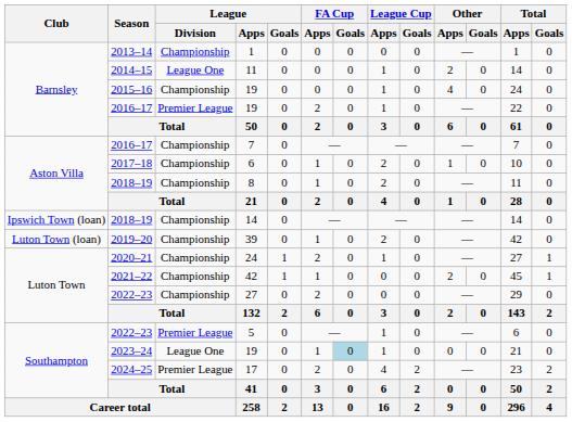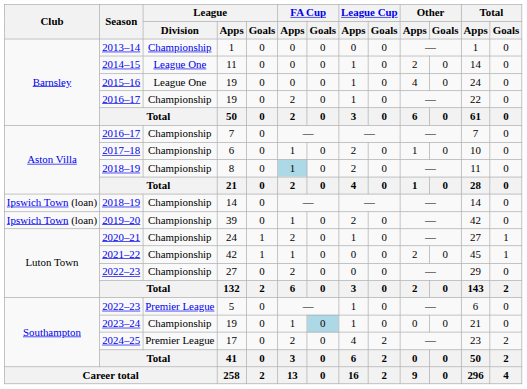 <table class="wikitable" style="text-align: center;">
 <tr>
 <th rowspan="2">Club</th>
 <th rowspan="2">Season</th>
 <th colspan="3">League</th>
 <th colspan="2"><a href='#'>FA Cup</a></th>
 <th colspan="2"><a href='#'>League Cup</a></th>
 <th colspan="2">Other</th>
 <th colspan="2">Total</th>
 </tr>
 <tr>
 <th>Division</th>
 <th>Apps</th>
 <th>Goals</th>
 <th>Apps</th>
 <th>Goals</th>
 <th>Apps</th>
 <th>Goals</th>
 <th>Apps</th>
 <th>Goals</th>
 <th>Apps</th>
 <th>Goals</th>
 </tr>
 <tr>
 <td rowspan="5"><a href='#'>Barnsley</a></td>
 <td><a href='#'>2013–14</a></td>
 <td><a href='#'>Championship</a></td>
 <td>1</td>
 <td>0</td>
 <td>0</td>
 <td>0</td>
 <td>0</td>
 <td>0</td>
 <td colspan="2">—</td>
 <td>1</td>
 <td>0</td>
 </tr>
 <tr>
 <td><a href='#'>2014–15</a></td>
 <td><a href='#'>League One</a></td>
 <td>11</td>
 <td>0</td>
 <td>0</td>
 <td>0</td>
 <td>1</td>
 <td>0</td>
 <td>2</td>
 <td>0</td>
 <td>14</td>
 <td>0</td>
 </tr>
 <tr>
 <td><a href='#'>2015–16</a></td>
-<td>Championship</td>
+<td>League One</td>
 <td>19</td>
 <td>0</td>
 <td>0</td>
 <td>0</td>
 <td>1</td>
 <td>0</td>
 <td>4</td>
 <td>0</td>
 <td>24</td>
 <td>0</td>
 </tr>
 <tr>
 <td><a href='#'>2016–17</a></td>
-<td><a href='#'>Premier League</a></td>
+<td>Championship</td>
 <td>19</td>
 <td>0</td>
 <td>2</td>
 <td>0</td>
 <td>1</td>
 <td>0</td>
 <td colspan="2">—</td>
 <td>22</td>
 <td>0</td>
 </tr>
 <tr>
 <th colspan="2">Total</th>
 <th>50</th>
 <th>0</th>
 <th>2</th>
 <th>0</th>
 <th>3</th>
 <th>0</th>
 <th>6</th>
 <th>0</th>
 <th>61</th>
 <th>0</th>
 </tr>
 <tr>
 <td rowspan="4"><a href='#'>Aston Villa</a></td>
 <td><a href='#'>2016–17</a></td>
 <td>Championship</td>
 <td>7</td>
 <td>0</td>
 <td colspan="2">—</td>
 <td colspan="2">—</td>
 <td colspan="2">—</td>
 <td>7</td>
 <td>0</td>
 </tr>
 <tr>
 <td><a href='#'>2017–18</a></td>
 <td>Championship</td>
 <td>6</td>
 <td>0</td>
 <td>1</td>
 <td>0</td>
 <td>2</td>
 <td>0</td>
 <td>1</td>
 <td>0</td>
 <td>10</td>
 <td>0</td>
 </tr>
 <tr>
 <td><a href='#'>2018–19</a></td>
 <td>Championship</td>
 <td>8</td>
 <td>0</td>
-<td>1</td>
+<td style="background: lightblue;">1</td>
 <td>0</td>
 <td>2</td>
 <td>0</td>
 <td colspan="2">—</td>
 <td>11</td>
 <td>0</td>
 </tr>
 <tr>
 <th colspan="2">Total</th>
 <th>21</th>
 <th>0</th>
 <th>2</th>
 <th>0</th>
 <th>4</th>
 <th>0</th>
 <th>1</th>
 <th>0</th>
 <th>28</th>
 <th>0</th>
 </tr>
 <tr>
 <td><a href='#'>Ipswich Town</a> (loan)</td>
 <td><a href='#'>2018–19</a></td>
 <td>Championship</td>
 <td>14</td>
 <td>0</td>
 <td colspan="2">—</td>
 <td colspan="2">—</td>
 <td colspan="2">—</td>
 <td>14</td>
 <td>0</td>
 </tr>
 <tr>
-<td><a href='#'>Luton Town</a> (loan)</td>
+<td><a href='#'>Ipswich Town</a> (loan)</td>
 <td><a href='#'>2019–20</a></td>
 <td>Championship</td>
 <td>39</td>
 <td>0</td>
 <td>1</td>
 <td>0</td>
 <td>2</td>
 <td>0</td>
 <td colspan="2">—</td>
 <td>42</td>
 <td>0</td>
 </tr>
 <tr>
 <td rowspan="4">Luton Town</td>
 <td><a href='#'>2020–21</a></td>
 <td>Championship</td>
 <td>24</td>
 <td>1</td>
 <td>2</td>
 <td>0</td>
 <td>1</td>
 <td>0</td>
 <td colspan="2">—</td>
 <td>27</td>
 <td>1</td>
 </tr>
 <tr>
 <td><a href='#'>2021–22</a></td>
 <td>Championship</td>
 <td>42</td>
 <td>1</td>
 <td>1</td>
 <td>0</td>
 <td>0</td>
 <td>0</td>
 <td>2</td>
 <td>0</td>
 <td>45</td>
 <td>1</td>
 </tr>
 <tr>
 <td><a href='#'>2022–23</a></td>
 <td>Championship</td>
 <td>27</td>
 <td>0</td>
 <td>2</td>
 <td>0</td>
 <td>0</td>
 <td>0</td>
 <td colspan="2">—</td>
 <td>29</td>
 <td>0</td>
 </tr>
 <tr>
 <th colspan="2">Total</th>
 <th>132</th>
 <th>2</th>
 <th>6</th>
 <th>0</th>
 <th>3</th>
 <th>0</th>
 <th>2</th>
 <th>0</th>
 <th>143</th>
 <th>2</th>
 </tr>
 <tr>
 <td rowspan="4"><a href='#'>Southampton</a></td>
 <td><a href='#'>2022–23</a></td>
 <td><a href='#'>Premier League</a></td>
 <td>5</td>
 <td>0</td>
 <td colspan="2">—</td>
 <td>1</td>
 <td>0</td>
 <td colspan="2">—</td>
 <td>6</td>
 <td>0</td>
 </tr>
 <tr>
 <td><a href='#'>2023–24</a></td>
-<td>League One</td>
+<td>Championship</td>
 <td>19</td>
 <td>0</td>
 <td>1</td>
 <td style="background: lightblue;">0</td>
 <td>1</td>
 <td>0</td>
 <td>0</td>
 <td>0</td>
 <td>21</td>
 <td>0</td>
 </tr>
 <tr>
 <td><a href='#'>2024–25</a></td>
 <td>Premier League</td>
 <td>17</td>
 <td>0</td>
 <td>2</td>
 <td>0</td>
 <td>4</td>
 <td>2</td>
 <td colspan="2">—</td>
 <td>23</td>
 <td>2</td>
 </tr>
 <tr>
 <th colspan="2">Total</th>
 <th>41</th>
 <th>0</th>
 <th>3</th>
 <th>0</th>
 <th>6</th>
 <th>2</th>
 <th>0</th>
 <th>0</th>
 <th>50</th>
 <th>2</th>
 </tr>
 <tr>
 <th colspan="3">Career total</th>
 <th>258</th>
 <th>2</th>
 <th>13</th>
 <th>0</th>
 <th>16</th>
 <th>2</th>
 <th>9</th>
 <th>0</th>
 <th>296</th>
 <th>4</th>
 </tr>
 </table>
